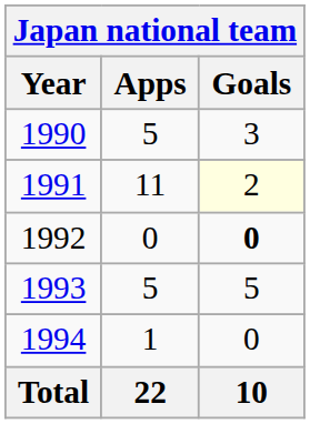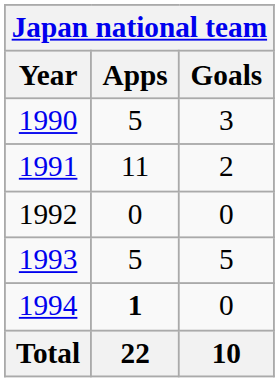 <table class="wikitable" style="text-align:center">
 <tr>
 <th colspan=3><a href='#'>Japan national team</a></th>
 </tr>
 <tr>
 <th>Year</th>
 <th>Apps</th>
 <th>Goals</th>
 </tr>
 <tr>
 <td><a href='#'>1990</a></td>
 <td>5</td>
 <td>3</td>
 </tr>
 <tr>
 <td><a href='#'>1991</a></td>
 <td>11</td>
-<td style="background: lightyellow;">2</td>
+<td>2</td>
 </tr>
 <tr>
 <td>1992</td>
 <td>0</td>
-<td><strong>0</strong></td>
+<td>0</td>
 </tr>
 <tr>
 <td><a href='#'>1993</a></td>
 <td>5</td>
 <td>5</td>
 </tr>
 <tr>
 <td><a href='#'>1994</a></td>
-<td>1</td>
+<td><strong>1</strong></td>
 <td>0</td>
 </tr>
 <tr>
 <th>Total</th>
 <th>22</th>
 <th>10</th>
 </tr>
 </table>
